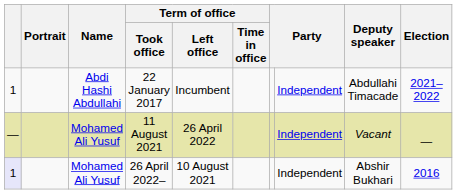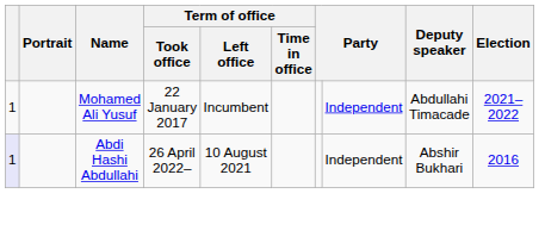 <table class="wikitable" style="text-align:center">
 <tr>
 <th rowspan="2"></th>
 <th rowspan="2">Portrait</th>
 <th rowspan="2">Name<br></th>
 <th colspan="3">Term of office</th>
 <th colspan="2" rowspan="2">Party</th>
 <th rowspan="2">Deputy speaker</th>
 <th rowspan="2">Election</th>
 </tr>
 <tr>
 <th>Took office</th>
 <th>Left office</th>
 <th>Time in office</th>
 </tr>
 <tr>
 <td>1</td>
 <td></td>
-<td><a href='#'>Abdi Hashi Abdullahi</a><br></td>
+<td><a href='#'>Mohamed Ali Yusuf</a><br></td>
 <td>22 January 2017</td>
 <td>Incumbent</td>
 <td></td>
 <td></td>
 <td><a href='#'>Independent</a></td>
 <td>Abdullahi Timacade</td>
 <td><a href='#'>2021–2022</a></td>
 </tr>
-<tr bgcolor="#e6e6aa">
-<td>—</td>
-<td></td>
-<td><a href='#'>Mohamed Ali Yusuf</a><br></td>
-<td>11 August 2021</td>
-<td>26 April 2022</td>
-<td></td>
-<td></td>
-<td><a href='#'>Independent</a></td>
-<td><em>Vacant</em></td>
-<td><br>  —<br></td>
-</tr>
 <tr>
 <td style="background: lavender;">1</td>
 <td></td>
-<td><a href='#'>Mohamed Ali Yusuf</a><br></td>
+<td><a href='#'>Abdi Hashi Abdullahi</a></td>
 <td>26 April 2022–</td>
 <td>10 August 2021</td>
 <td></td>
 <td></td>
 <td>Independent</td>
 <td>Abshir Bukhari</td>
 <td><a href='#'>2016</a></td>
 </tr>
 </table>
